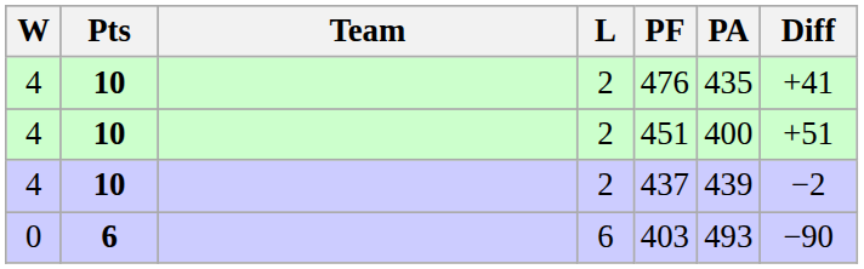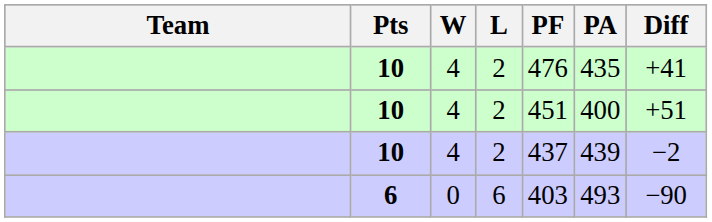 <table class=wikitable style="text-align:center">
 <tr>
+<th width=200>Team</th>
+<th width=40>Pts</th>
 <th width=20>W</th>
-<th width=40>Pts</th>
-<th width=200>Team</th>
 <th width=20>L</th>
 <th width=20>PF</th>
 <th width=20>PA</th>
 <th width=40>Diff</th>
 </tr>
 <tr bgcolor=ccffcc>
+<td align=left></td>
+<td><strong>10</strong></td>
 <td>4</td>
-<td><strong>10</strong></td>
-<td align=left></td>
 <td>2</td>
 <td>476</td>
 <td>435</td>
 <td>+41</td>
 </tr>
 <tr bgcolor=ccffcc>
+<td align=left></td>
+<td><strong>10</strong></td>
 <td>4</td>
-<td><strong>10</strong></td>
-<td align=left></td>
 <td>2</td>
 <td>451</td>
 <td>400</td>
 <td>+51</td>
 </tr>
 <tr bgcolor=ccccff>
+<td align=left></td>
+<td><strong>10</strong></td>
 <td>4</td>
-<td><strong>10</strong></td>
-<td align=left></td>
 <td>2</td>
 <td>437</td>
 <td>439</td>
 <td>−2</td>
 </tr>
 <tr bgcolor=ccccff>
+<td align=left></td>
+<td><strong>6</strong></td>
 <td>0</td>
-<td><strong>6</strong></td>
-<td align=left></td>
 <td>6</td>
 <td>403</td>
 <td>493</td>
 <td>−90</td>
 </tr>
 </table>
